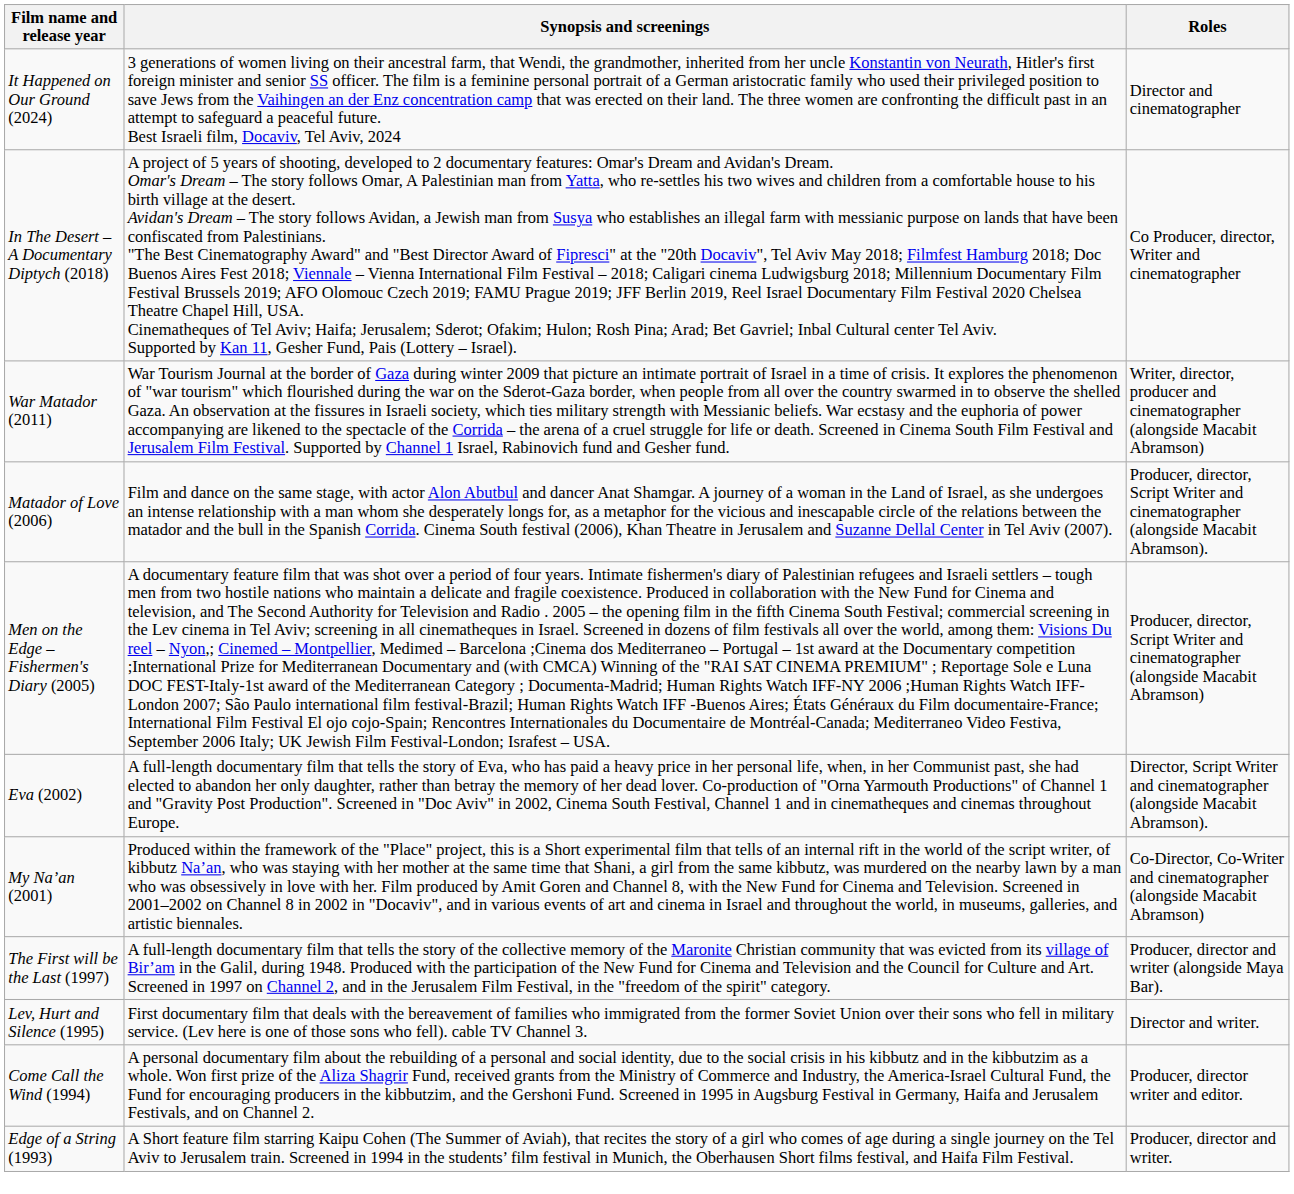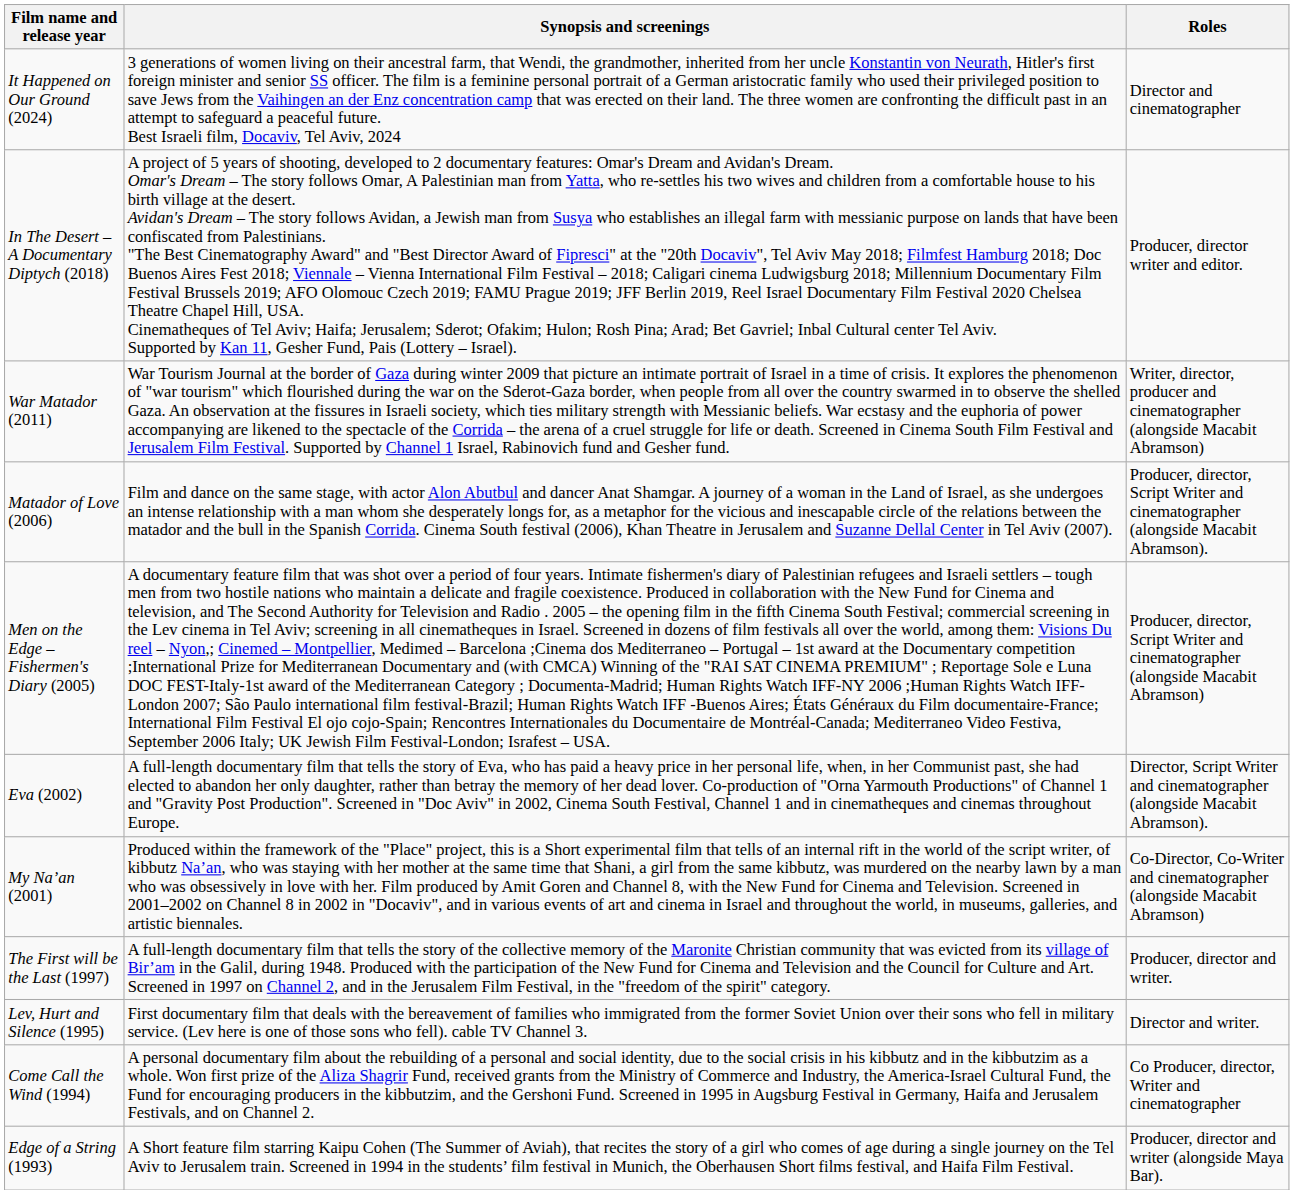 <table class="wikitable">
 <tr>
 <th>Film name and release year</th>
 <th>Synopsis and screenings</th>
 <th>Roles</th>
 </tr>
 <tr>
 <td><em>It Happened on Our Ground</em> (2024)</td>
 <td>3 generations of women living on their ancestral farm, that Wendi, the grandmother, inherited from her uncle <a href='#'>Konstantin von Neurath</a>, Hitler's first foreign minister and senior <a href='#'>SS</a> officer. The film is a feminine personal portrait of a German aristocratic family who used their privileged position to save Jews from the <a href='#'>Vaihingen an der Enz concentration camp</a> that was erected on their land. The three women are confronting the difficult past in an attempt to safeguard a peaceful future.<br>Best Israeli film, <a href='#'>Docaviv</a>, Tel Aviv, 2024</td>
 <td>Director and cinematographer</td>
 </tr>
 <tr>
 <td><em>In The Desert – A Documentary Diptych</em> (2018)</td>
 <td>A project of 5 years of shooting, developed to 2 documentary features: Omar's Dream and Avidan's Dream.<br><em>Omar's Dream</em> – The story follows Omar, A Palestinian man from <a href='#'>Yatta</a>, who re-settles his two wives and children from a comfortable house to his birth village at the desert.<br><em>Avidan's Dream</em> – The story follows Avidan, a Jewish man from <a href='#'>Susya</a> who establishes an illegal farm with messianic purpose on lands that have been confiscated from Palestinians.<br>"The Best Cinematography Award" and "Best Director Award of <a href='#'>Fipresci</a>" at the "20th <a href='#'>Docaviv</a>", Tel Aviv May 2018; <a href='#'>Filmfest Hamburg</a>  2018; Doc Buenos Aires Fest 2018; <a href='#'>Viennale</a> – Vienna International Film Festival – 2018; Caligari cinema Ludwigsburg 2018; Millennium Documentary Film Festival Brussels 2019; AFO Olomouc Czech 2019; FAMU Prague 2019; JFF Berlin 2019, Reel Israel Documentary Film Festival 2020 Chelsea Theatre Chapel Hill, USA.<br>Cinematheques of Tel Aviv; Haifa; Jerusalem; Sderot; Ofakim; Hulon; Rosh Pina; Arad; Bet Gavriel; Inbal Cultural center Tel Aviv.<br>Supported by <a href='#'>Kan 11</a>, Gesher Fund, Pais (Lottery – Israel).</td>
-<td>Co Producer, director, Writer and cinematographer</td>
+<td>Producer, director writer and editor.</td>
 </tr>
 <tr>
 <td><em>War Matador</em> (2011)</td>
 <td>War Tourism Journal at the border of <a href='#'>Gaza</a> during winter 2009 that picture an intimate portrait of Israel in a time of crisis. It explores the phenomenon of "war tourism" which flourished during the war on the Sderot-Gaza border, when people from all over the country swarmed in to observe the shelled Gaza. An observation at the fissures in Israeli society, which ties military strength with Messianic beliefs. War ecstasy and the euphoria of power accompanying are likened to the spectacle of the <a href='#'>Corrida</a> – the arena of a cruel struggle for life or death. Screened in Cinema South Film Festival and <a href='#'>Jerusalem Film Festival</a>. Supported by <a href='#'>Channel 1</a> Israel, Rabinovich fund and Gesher fund.</td>
 <td>Writer, director, producer and cinematographer (alongside Macabit Abramson)</td>
 </tr>
 <tr>
 <td><em>Matador of Love</em> (2006)</td>
 <td>Film and dance on the same stage, with actor <a href='#'>Alon Abutbul</a> and dancer Anat Shamgar. A journey of a woman in the Land of Israel, as she undergoes an intense relationship with a man whom she desperately longs for, as a metaphor for the vicious and inescapable circle of the relations between the matador and the bull in the Spanish <a href='#'>Corrida</a>. Cinema South festival (2006), Khan Theatre in Jerusalem and <a href='#'>Suzanne Dellal Center</a> in Tel Aviv (2007).</td>
 <td>Producer, director, Script Writer and cinematographer (alongside Macabit Abramson).</td>
 </tr>
 <tr>
 <td><em>Men on the Edge – Fishermen's Diary</em> (2005)</td>
 <td>A documentary feature film that was shot over a period of four years. Intimate fishermen's diary of Palestinian refugees and Israeli settlers – tough men from two hostile nations who maintain a delicate and fragile coexistence. Produced in collaboration with the New Fund for Cinema and television, and The Second Authority for Television and Radio . 2005 – the opening film in the fifth Cinema South Festival; commercial screening in the Lev cinema in Tel Aviv; screening in all cinematheques in Israel. Screened in dozens of film festivals all over the world, among them: <a href='#'>Visions Du reel</a> – <a href='#'>Nyon</a>,; <a href='#'>Cinemed – Montpellier</a>, Medimed – Barcelona ;Cinema dos Mediterraneo – Portugal – 1st award at the Documentary competition ;International Prize for Mediterranean Documentary and (with CMCA) Winning of the "RAI SAT CINEMA PREMIUM" ; Reportage Sole e Luna DOC FEST-Italy-1st award of the Mediterranean Category ; Documenta-Madrid; Human Rights Watch IFF-NY 2006 ;Human Rights Watch IFF-London 2007; São Paulo international film festival-Brazil; Human Rights Watch IFF -Buenos Aires; États Généraux du Film documentaire-France; International Film Festival El ojo cojo-Spain; Rencontres Internationales du Documentaire de Montréal-Canada; Mediterraneo Video Festiva, September 2006 Italy; UK Jewish Film Festival-London; Israfest – USA.</td>
 <td>Producer, director, Script Writer and cinematographer (alongside Macabit Abramson)</td>
 </tr>
 <tr>
 <td><em>Eva</em> (2002)</td>
 <td>A full-length documentary film that tells the story of Eva, who has paid a heavy price in her personal life, when, in her Communist past, she had elected to abandon her only daughter, rather than betray the memory of her dead lover. Co-production of "Orna Yarmouth Productions" of Channel 1 and "Gravity Post Production". Screened in "Doc Aviv" in 2002, Cinema South Festival, Channel 1 and in cinematheques and cinemas throughout Europe.</td>
 <td>Director, Script Writer and cinematographer (alongside Macabit Abramson).</td>
 </tr>
 <tr>
 <td><em>My Na’an</em> (2001)</td>
 <td>Produced within the framework of the "Place" project, this is a Short experimental film that tells of an internal rift in the world of the script writer, of kibbutz <a href='#'>Na’an</a>, who was staying with her mother at the same time that Shani, a girl from the same kibbutz, was murdered on the nearby lawn by a man who was obsessively in love with her. Film produced by Amit Goren and Channel 8, with the New Fund for Cinema and Television. Screened in 2001–2002 on Channel 8 in 2002 in "Docaviv", and in various events of art and cinema in Israel and throughout the world, in museums, galleries, and artistic biennales.</td>
 <td>Co-Director, Co-Writer and cinematographer (alongside Macabit Abramson)</td>
 </tr>
 <tr>
 <td><em>The First will be the Last</em> (1997)</td>
 <td>A full-length documentary film that tells the story of the collective memory of the <a href='#'>Maronite</a> Christian community that was evicted from its <a href='#'>village of Bir’am</a> in the Galil, during 1948. Produced with the participation of the New Fund for Cinema and Television and the Council for Culture and Art. Screened in 1997 on <a href='#'>Channel 2</a>, and in the Jerusalem Film Festival, in the "freedom of the spirit" category.</td>
-<td>Producer, director and writer (alongside Maya Bar).</td>
+<td>Producer, director and writer.</td>
 </tr>
 <tr>
 <td><em>Lev, Hurt and Silence</em> (1995)</td>
 <td>First documentary film that deals with the bereavement of families who immigrated from the former Soviet Union over their sons who fell in military service. (Lev here is one of those sons who fell). cable TV Channel 3.</td>
 <td>Director and writer.</td>
 </tr>
 <tr>
 <td><em>Come Call the Wind</em> (1994)</td>
 <td>A personal documentary film about the rebuilding of a personal and social identity, due to the social crisis in his kibbutz and in the kibbutzim as a whole. Won first prize of the <a href='#'>Aliza Shagrir</a> Fund, received grants from the Ministry of Commerce and Industry, the America-Israel Cultural Fund, the Fund for encouraging producers in the kibbutzim, and the Gershoni Fund. Screened in 1995 in Augsburg Festival in Germany, Haifa and Jerusalem Festivals, and on Channel 2.</td>
-<td>Producer, director writer and editor.</td>
+<td>Co Producer, director, Writer and cinematographer</td>
 </tr>
 <tr>
 <td><em>Edge of a String</em> (1993)</td>
 <td>A Short feature film starring Kaipu Cohen (The Summer of Aviah), that recites the story of a girl who comes of age during a single journey on the Tel Aviv to Jerusalem train. Screened in 1994 in the students’ film festival in Munich, the Oberhausen Short films festival, and Haifa Film Festival.</td>
-<td>Producer, director and writer.</td>
+<td>Producer, director and writer (alongside Maya Bar).</td>
 </tr>
 </table>
